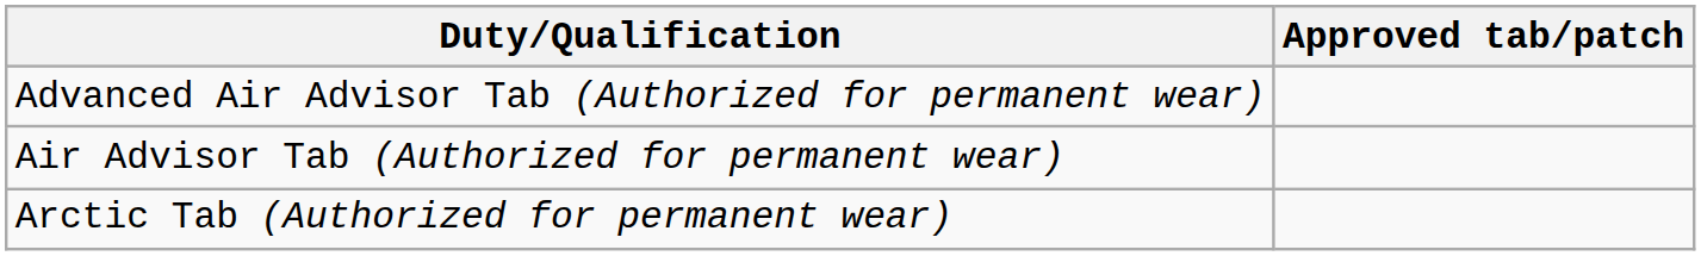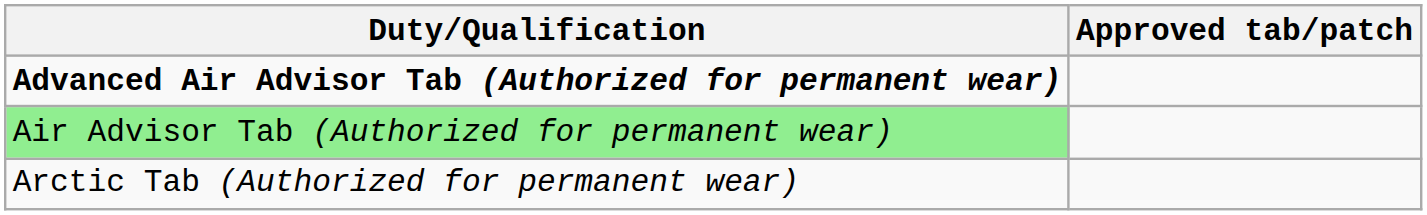 <table class="wikitable">
 <tr>
 <th>Duty/Qualification</th>
 <th>Approved tab/patch</th>
 </tr>
 <tr>
-<td>Advanced Air Advisor Tab <em>(Authorized for permanent wear)</em></td>
+<td><strong>Advanced Air Advisor Tab <em>(Authorized for permanent wear)</em></strong></td>
 <td colspan="2"></td>
 </tr>
 <tr>
-<td>Air Advisor Tab <em>(Authorized for permanent wear)</em></td>
+<td style="background: lightgreen;">Air Advisor Tab <em>(Authorized for permanent wear)</em></td>
 <td colspan="2"></td>
 </tr>
 <tr>
 <td rowspan="1">Arctic Tab <em>(Authorized for permanent wear)</em></td>
 <td colspan="2"></td>
 </tr>
 </table>
